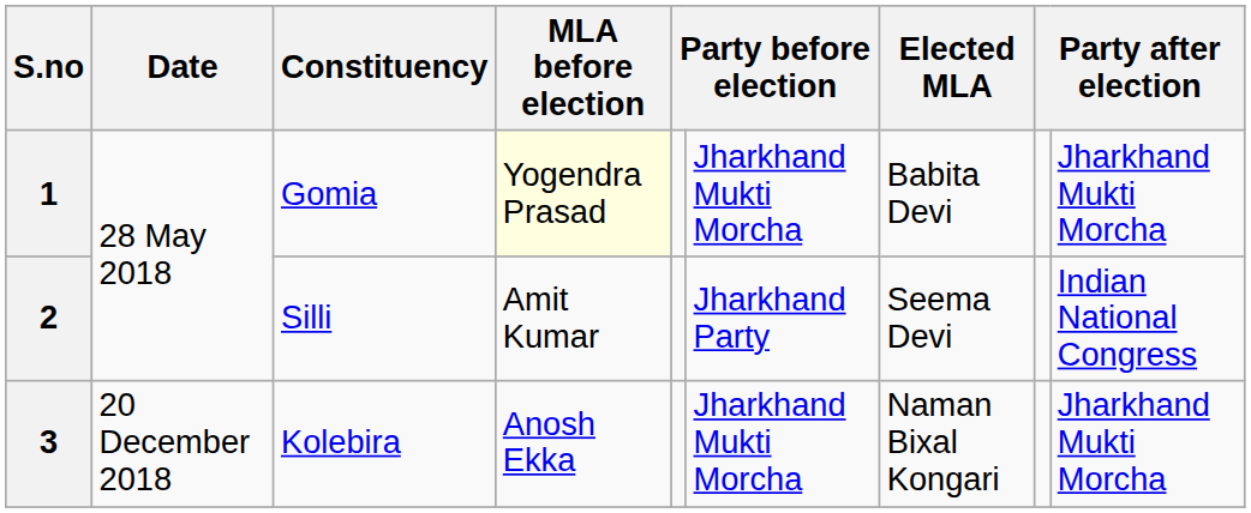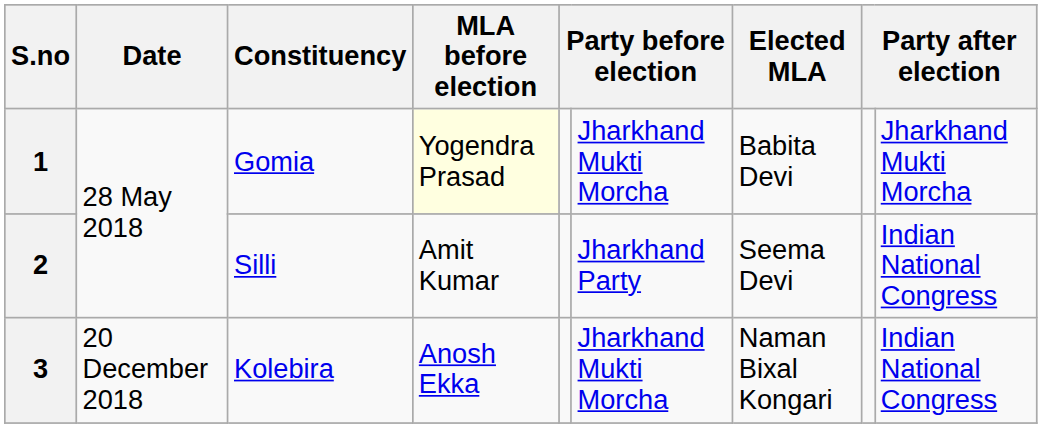 <table class="wikitable sortable">
 <tr>
 <th>S.no</th>
 <th>Date</th>
 <th>Constituency</th>
 <th>MLA before election</th>
 <th colspan="2">Party before election</th>
 <th>Elected MLA</th>
 <th colspan="2">Party after election</th>
 </tr>
 <tr>
 <th>1</th>
 <td Rowspan=2>28 May 2018</td>
 <td><a href='#'>Gomia</a></td>
 <td style="background: lightyellow;">Yogendra Prasad</td>
 <td></td>
 <td><a href='#'>Jharkhand Mukti Morcha</a></td>
 <td>Babita Devi</td>
 <td></td>
 <td><a href='#'>Jharkhand Mukti Morcha</a></td>
 </tr>
 <tr>
 <th>2</th>
 <td><a href='#'>Silli</a></td>
 <td>Amit Kumar</td>
 <td></td>
 <td><a href='#'>Jharkhand Party</a></td>
 <td>Seema Devi</td>
 <td></td>
 <td><a href='#'>Indian National Congress</a></td>
 </tr>
 <tr>
 <th>3</th>
 <td>20 December 2018</td>
 <td><a href='#'>Kolebira</a></td>
 <td><a href='#'>Anosh Ekka</a></td>
 <td></td>
 <td><a href='#'>Jharkhand Mukti Morcha</a></td>
 <td>Naman Bixal Kongari</td>
 <td></td>
-<td><a href='#'>Jharkhand Mukti Morcha</a></td>
+<td><a href='#'>Indian National Congress</a></td>
 </tr>
 </table>
